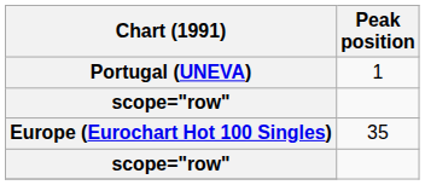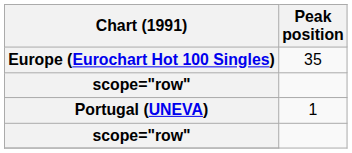 <table class="wikitable sortable plainrowheaders">
 <tr>
 <th>Chart (1991)</th>
 <th>Peak<br>position</th>
+</tr>
+<tr>
+<th scope="row">Europe (<a href='#'>Eurochart Hot 100 Singles</a>)</th>
+<td align="center">35</td>
+</tr>
+<tr>
+<th>scope="row" </th>
 </tr>
 <tr>
 <th scope="row">Portugal (<a href='#'>UNEVA</a>)</th>
 <td align="center">1</td>
 </tr>
 <tr>
 <th>scope="row" </th>
 </tr>
 <tr>
-<th scope="row">Europe (<a href='#'>Eurochart Hot 100 Singles</a>)</th>
-<td align="center">35</td>
-</tr>
-<tr>
-<th>scope="row" </th>
-</tr>
-<tr>
 </tr>
 </table>
